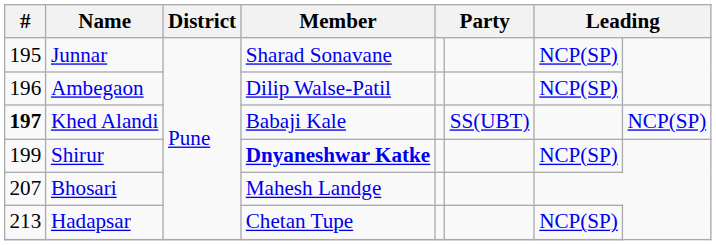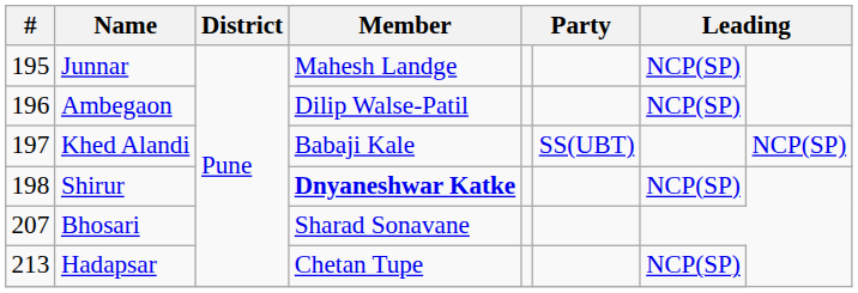 <table class="wikitable">
 <tr>
 <th>#</th>
 <th>Name</th>
 <th>District</th>
 <th>Member</th>
 <th colspan="2">Party</th>
 <th colspan=2>Leading<br></th>
 </tr>
 <tr>
 <td>195</td>
 <td><a href='#'>Junnar</a></td>
 <td rowspan="6"><a href='#'>Pune</a></td>
-<td><a href='#'>Sharad Sonavane</a></td>
+<td><a href='#'>Mahesh Landge</a></td>
 <td></td>
 <td style="background-color: "></td>
 <td><a href='#'>NCP(SP)</a></td>
 </tr>
 <tr>
 <td>196</td>
 <td><a href='#'>Ambegaon</a></td>
 <td><a href='#'>Dilip Walse-Patil</a></td>
 <td></td>
 <td style="background-color: "></td>
 <td><a href='#'>NCP(SP)</a></td>
 </tr>
 <tr>
-<td><strong>197</strong></td>
+<td>197</td>
 <td><a href='#'>Khed Alandi</a></td>
 <td><a href='#'>Babaji Kale</a></td>
 <td></td>
 <td><a href='#'>SS(UBT)</a></td>
 <td style="background-color: "></td>
 <td><a href='#'>NCP(SP)</a></td>
 </tr>
 <tr>
-<td>199</td>
+<td>198</td>
 <td><a href='#'>Shirur</a></td>
 <td><strong><a href='#'>Dnyaneshwar Katke</a></strong></td>
 <td></td>
 <td style="background-color: "></td>
 <td><a href='#'>NCP(SP)</a></td>
 </tr>
 <tr>
 <td>207</td>
 <td><a href='#'>Bhosari</a></td>
-<td><a href='#'>Mahesh Landge</a></td>
+<td><a href='#'>Sharad Sonavane</a></td>
 <td></td>
 <td></td>
 </tr>
 <tr>
 <td>213</td>
 <td><a href='#'>Hadapsar</a></td>
 <td><a href='#'>Chetan Tupe</a></td>
 <td></td>
 <td style="background-color: "></td>
 <td><a href='#'>NCP(SP)</a></td>
 </tr>
 <tr>
 </tr>
 </table>
